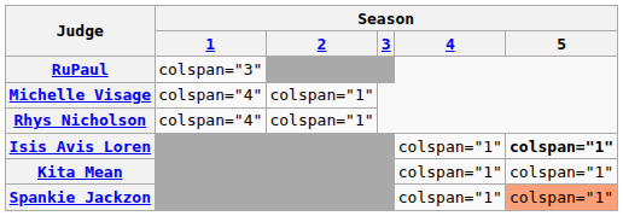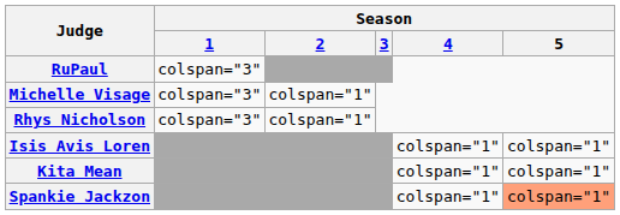 <table class="wikitable plainrowheaders" style="text-align:center; width:30%">
 <tr>
 <th rowspan="2" style="width:20%;" scope="col">Judge</th>
 <th colspan="5">Season</th>
 </tr>
 <tr>
 <th style="width:7%;" scope="colspan"><a href='#'>1</a></th>
 <th style="width:7%;" scope="colspan"><a href='#'>2</a></th>
 <th style="width:7%;" scope="colspan"><a href='#'>3</a></th>
 <th style="width:7%;" scope="colspan"><a href='#'>4</a></th>
 <th style="width:7%;" scope="colspan">5</th>
 </tr>
 <tr>
 <th scope="row" style="text-align: center;"><a href='#'>RuPaul</a></th>
 <td>colspan="3" </td>
 <td colspan="2" bgcolor="darkgray"></td>
 </tr>
 <tr>
 <th scope="row" style="text-align: center;"><a href='#'>Michelle Visage</a></th>
-<td>colspan="4" </td>
+<td>colspan="3" </td>
 <td>colspan="1" </td>
 </tr>
 <tr>
 <th scope="row" style="text-align: center;"><a href='#'>Rhys Nicholson</a></th>
-<td>colspan="4" </td>
+<td>colspan="3" </td>
 <td>colspan="1" </td>
 </tr>
 <tr>
 <th scope="row" style="text-align: center;"><a href='#'>Isis Avis Loren</a></th>
 <td colspan="3" bgcolor="darkgray"></td>
 <td>colspan="1" </td>
-<td><strong>colspan="1" </strong></td>
+<td>colspan="1" </td>
 </tr>
 <tr>
 <th scope="row" style="text-align: center;"><a href='#'>Kita Mean</a></th>
 <td colspan="3" bgcolor="darkgray"></td>
 <td>colspan="1" </td>
 <td>colspan="1" </td>
 </tr>
 <tr>
 <th scope="row" style="text-align: center;" nowrap><a href='#'>Spankie Jackzon</a></th>
 <td colspan="3" bgcolor="darkgray"></td>
 <td>colspan="1" </td>
 <td style="background: lightsalmon;">colspan="1" </td>
 </tr>
 <tr>
 </tr>
 </table>
